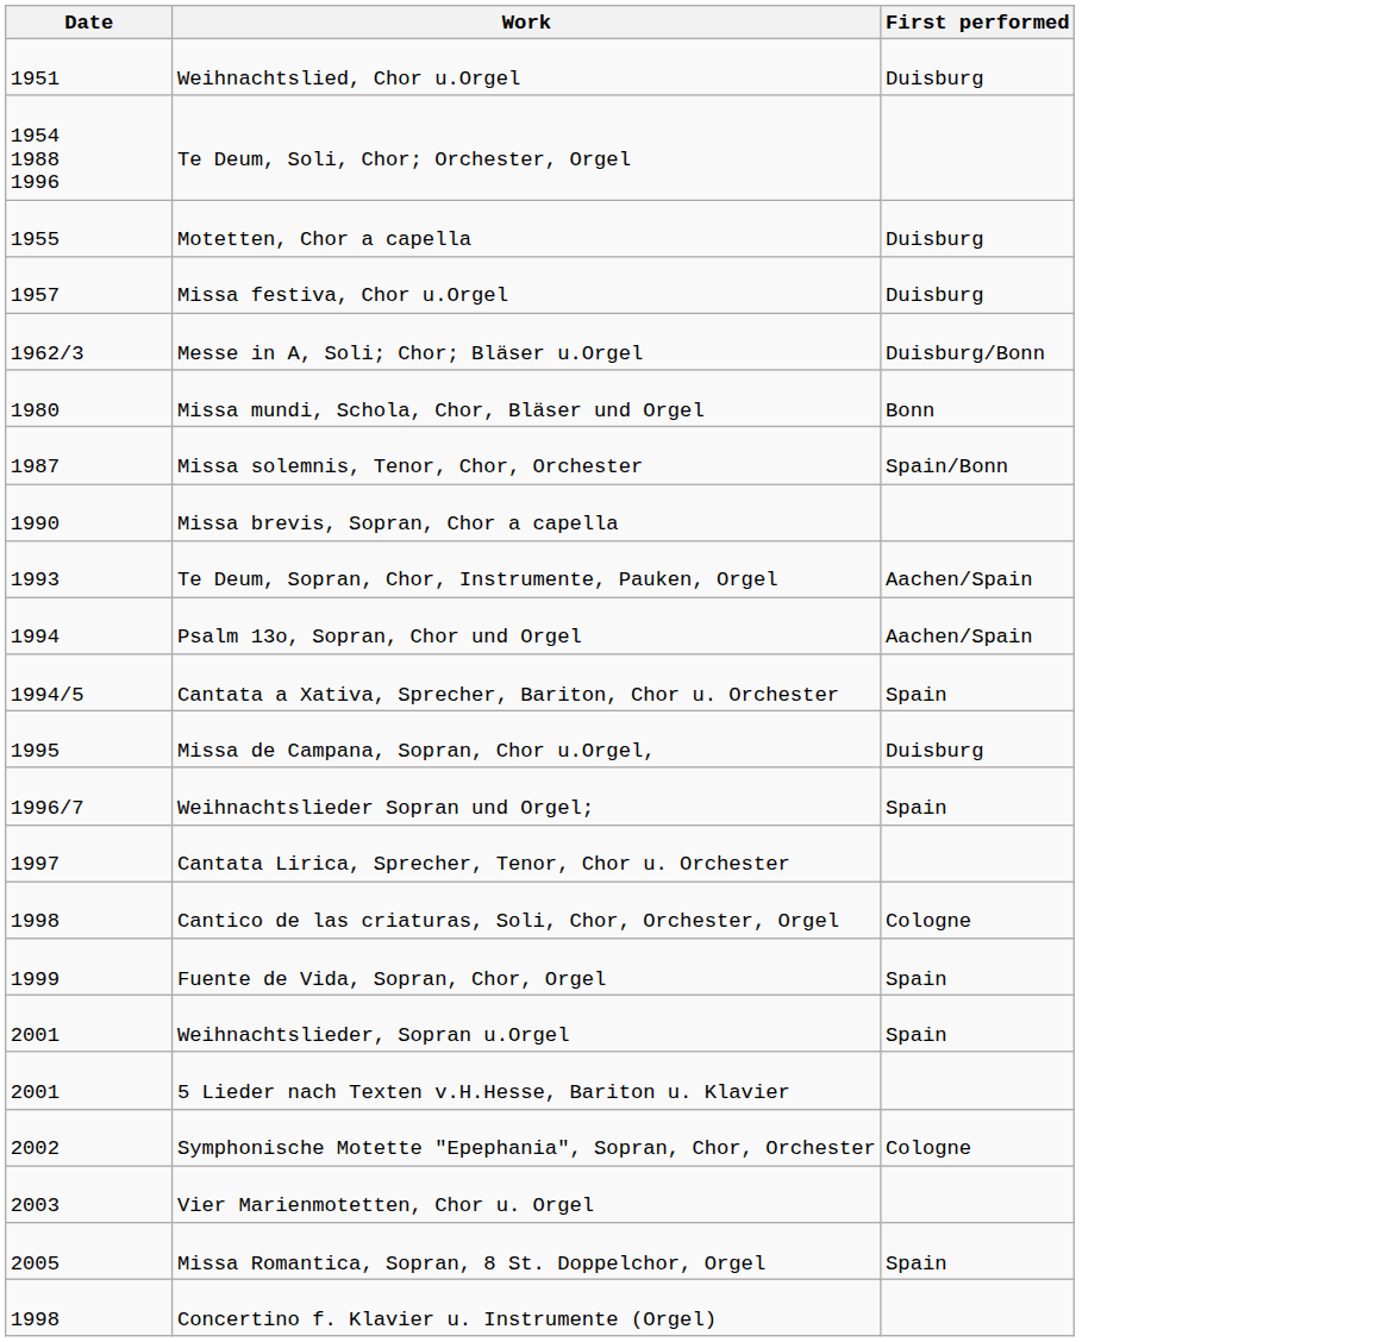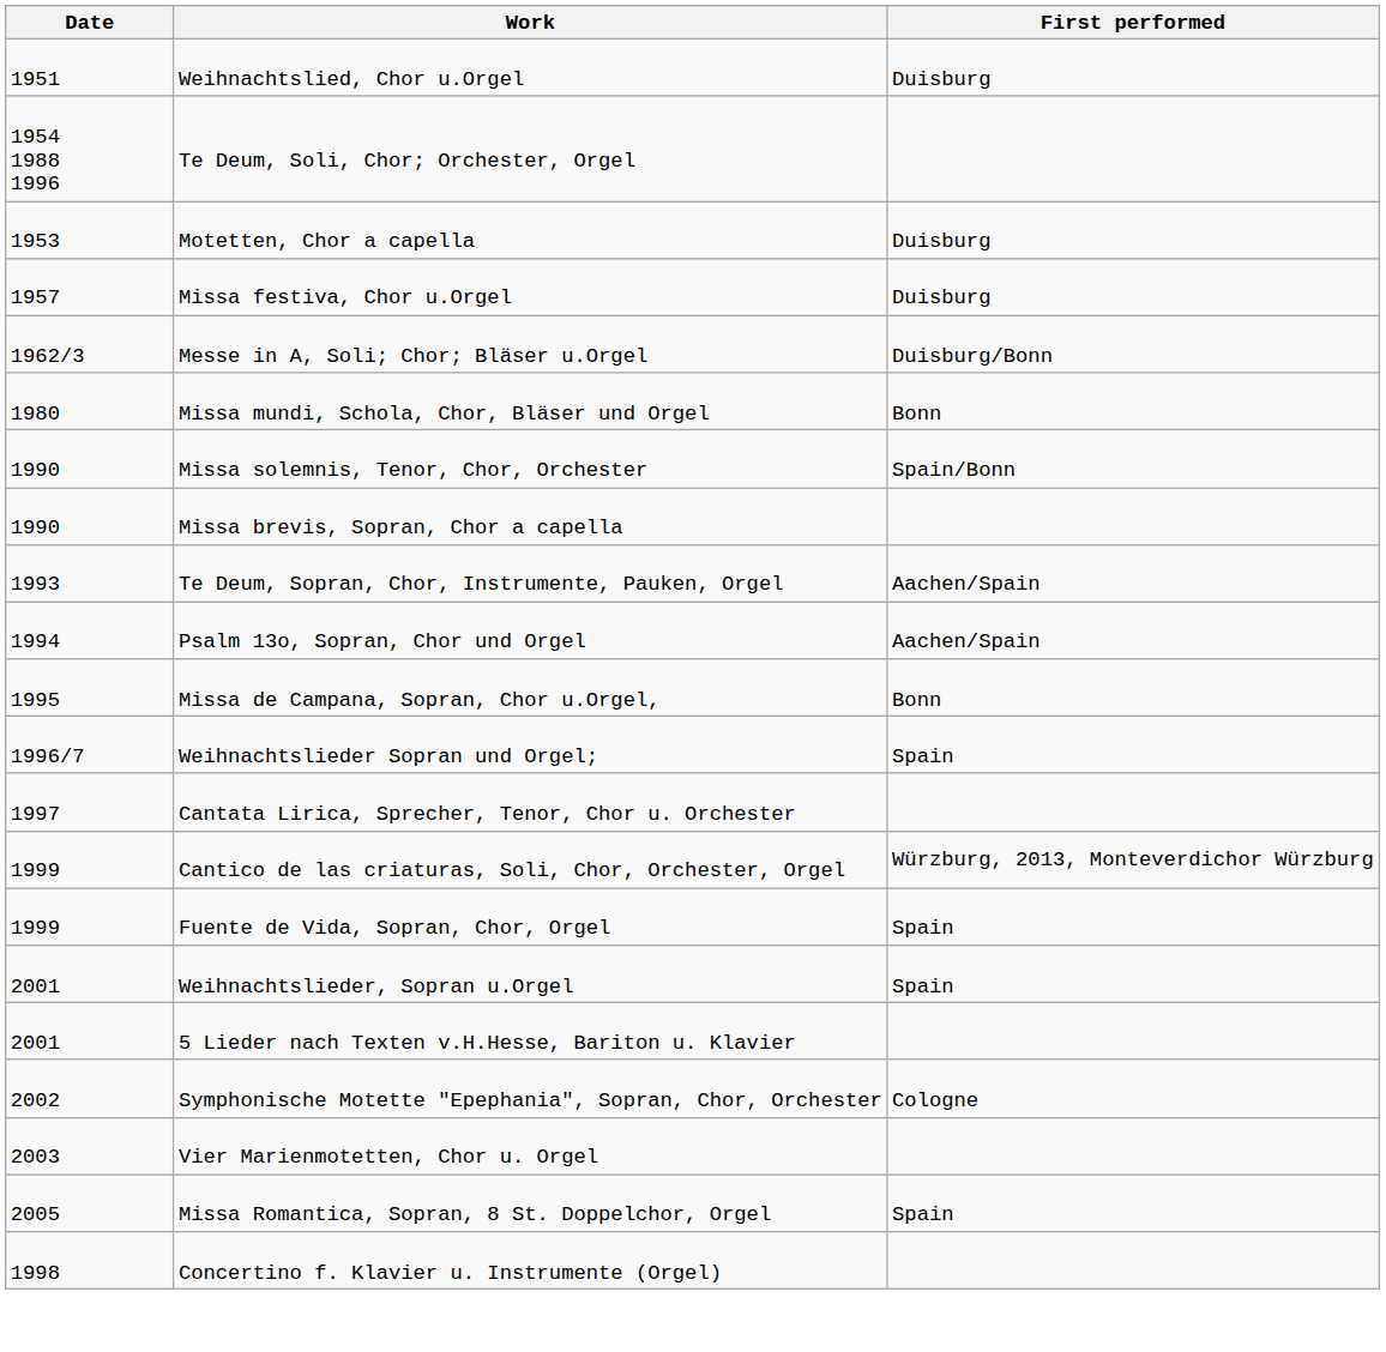 <table class="wikitable">
 <tr>
 <th style="width:100px;">Date</th>
 <th>Work</th>
 <th>First performed</th>
 </tr>
 <tr>
 <td><br>1951</td>
 <td><br>Weihnachtslied, Chor u.Orgel</td>
 <td><br>Duisburg</td>
 </tr>
 <tr>
 <td><br>1954<br> 1988<br> 1996</td>
 <td><br>Te Deum, Soli, Chor; Orchester, Orgel</td>
 <td></td>
 </tr>
 <tr>
-<td><br>1955</td>
+<td><br>1953</td>
 <td><br>Motetten, Chor a capella</td>
 <td><br>Duisburg </td>
 </tr>
 <tr>
 <td><br>1957</td>
 <td><br>Missa festiva, Chor u.Orgel</td>
 <td><br>Duisburg</td>
 </tr>
 <tr>
 <td><br>1962/3</td>
 <td><br>Messe in A, Soli; Chor; Bläser u.Orgel</td>
 <td><br>Duisburg/Bonn</td>
 </tr>
 <tr>
 <td><br>1980</td>
 <td><br>Missa mundi, Schola, Chor, Bläser und Orgel</td>
 <td><br>Bonn</td>
 </tr>
 <tr>
-<td><br>1987</td>
+<td><br>1990</td>
 <td><br>Missa solemnis, Tenor, Chor, Orchester</td>
 <td><br>Spain/Bonn</td>
 </tr>
 <tr>
 <td><br>1990</td>
 <td><br>Missa brevis, Sopran, Chor a capella </td>
 <td><br> </td>
 </tr>
 <tr>
 <td><br>1993</td>
 <td><br>Te Deum, Sopran, Chor, Instrumente, Pauken, Orgel</td>
 <td><br>Aachen/Spain</td>
 </tr>
 <tr>
 <td><br>1994</td>
 <td><br>Psalm 13o, Sopran, Chor und Orgel</td>
 <td><br>Aachen/Spain</td>
 </tr>
 <tr>
-<td><br>1994/5</td>
-<td><br>Cantata a Xativa, Sprecher, Bariton, Chor u. Orchester</td>
-<td><br>Spain</td>
-</tr>
-<tr>
 <td><br>1995</td>
 <td><br>Missa de Campana, Sopran, Chor u.Orgel,</td>
-<td><br>Duisburg</td>
+<td><br>Bonn</td>
 </tr>
 <tr>
 <td><br>1996/7</td>
 <td><br>Weihnachtslieder Sopran und Orgel;</td>
 <td><br>Spain</td>
 </tr>
 <tr>
 <td><br>1997</td>
 <td><br>Cantata Lirica, Sprecher, Tenor, Chor u. Orchester</td>
 <td></td>
 </tr>
 <tr>
-<td><br>1998</td>
+<td><br>1999</td>
 <td><br>Cantico de las criaturas, Soli, Chor, Orchester, Orgel</td>
-<td><br>Cologne</td>
+<td>Würzburg, 2013, Monteverdichor Würzburg</td>
 </tr>
 <tr>
 <td><br>1999</td>
 <td><br>Fuente de Vida, Sopran, Chor, Orgel</td>
 <td><br>Spain</td>
 </tr>
 <tr>
 <td><br>2001</td>
 <td><br>Weihnachtslieder, Sopran u.Orgel</td>
 <td><br>Spain</td>
 </tr>
 <tr>
 <td><br>2001</td>
 <td><br>5 Lieder nach Texten v.H.Hesse, Bariton u. Klavier</td>
 <td></td>
 </tr>
 <tr>
 <td><br>2002</td>
 <td><br>Symphonische Motette "Epephania", Sopran, Chor, Orchester</td>
 <td><br>Cologne</td>
 </tr>
 <tr>
 <td><br>2003</td>
 <td><br>Vier Marienmotetten, Chor u. Orgel</td>
 <td><br> </td>
 </tr>
 <tr>
 <td><br>2005</td>
 <td><br>Missa Romantica, Sopran, 8 St. Doppelchor, Orgel</td>
 <td><br>Spain</td>
 </tr>
 <tr>
 <td><br>1998</td>
 <td><br>Concertino f. Klavier u. Instrumente (Orgel)</td>
 <td></td>
 </tr>
 </table>
